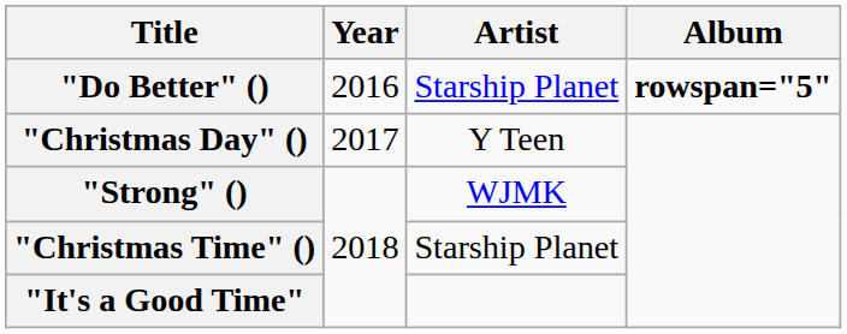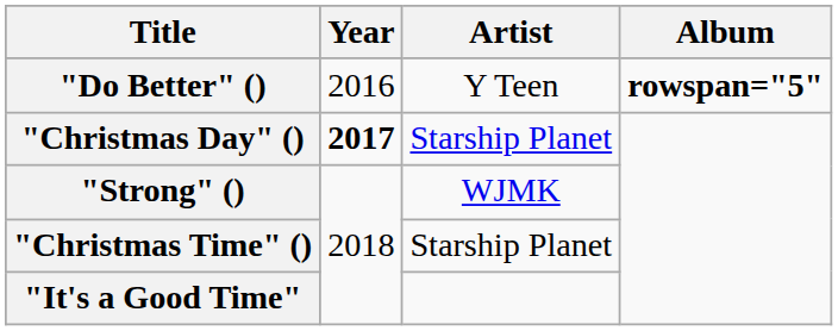 <table class="wikitable plainrowheaders" style="text-align:center;">
 <tr>
 <th>Title</th>
 <th>Year</th>
 <th>Artist</th>
 <th>Album</th>
 </tr>
 <tr>
 <th scope="row">"Do Better" ()</th>
 <td>2016</td>
-<td><a href='#'>Starship Planet</a></td>
+<td>Y Teen </td>
 <td><strong>rowspan="5" </strong></td>
 </tr>
 <tr>
 <th scope="row">"Christmas Day" ()</th>
-<td>2017</td>
-<td>Y Teen </td>
+<td><strong>2017</strong></td>
+<td><a href='#'>Starship Planet</a></td>
 </tr>
 <tr>
 <th scope="row">"Strong" ()</th>
 <td rowspan="3">2018</td>
 <td><a href='#'>WJMK</a> </td>
 </tr>
 <tr>
 <th scope="row">"Christmas Time" ()</th>
 <td>Starship Planet</td>
 </tr>
 <tr>
 <th scope="row">"It's a Good Time" </th>
 <td></td>
 </tr>
 </table>
